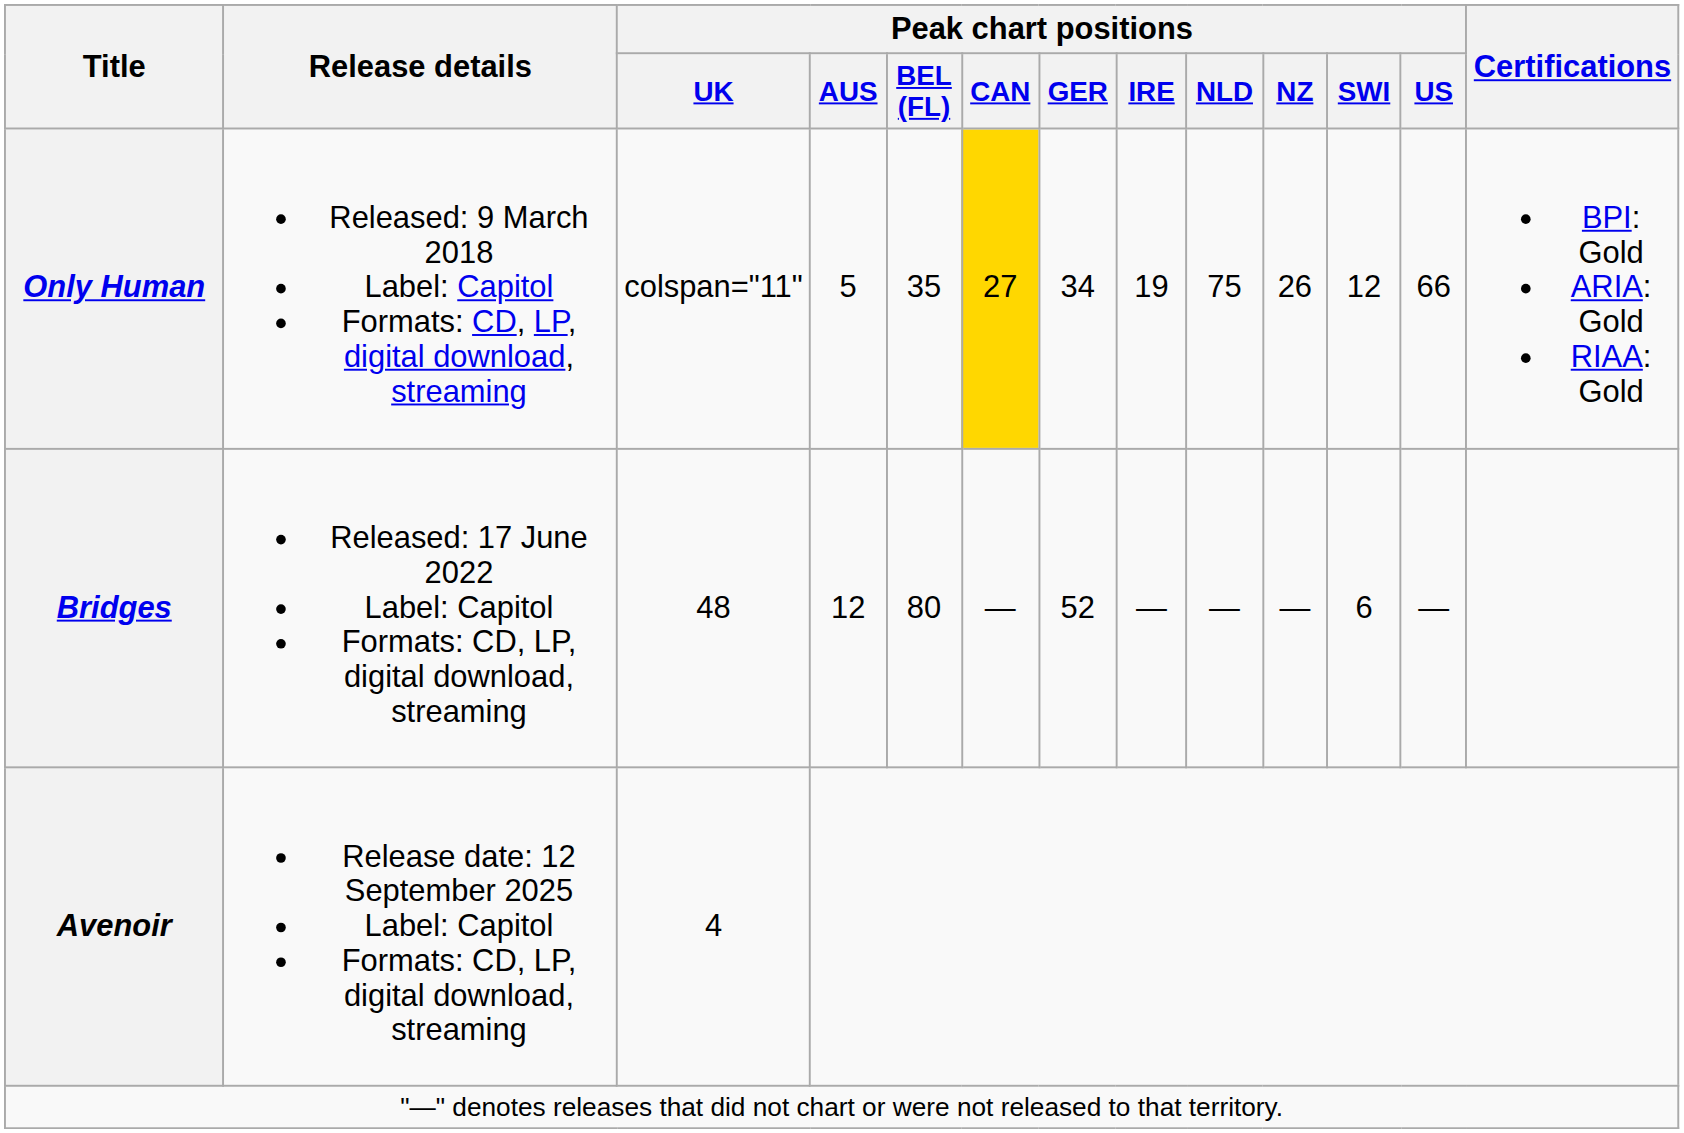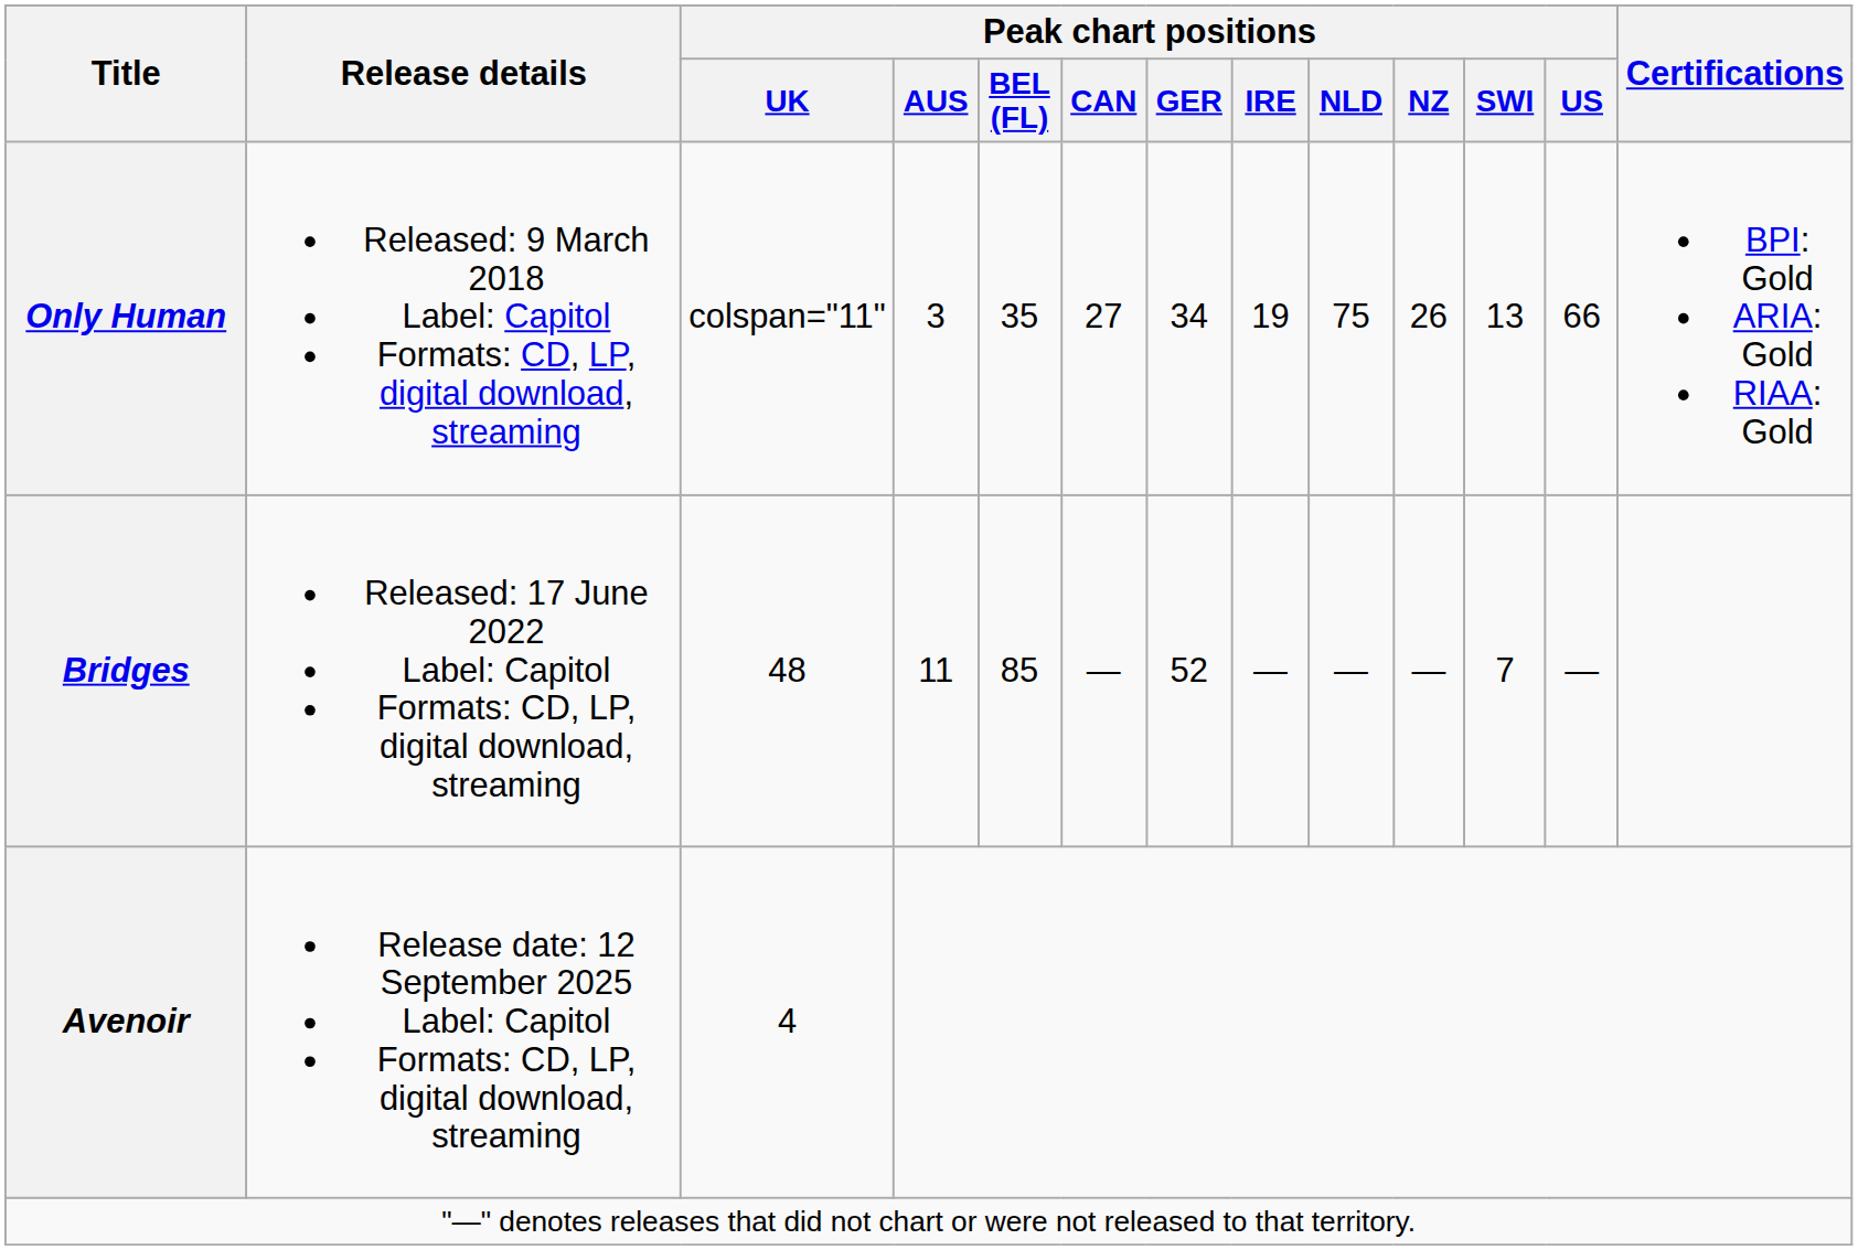 <table class="wikitable plainrowheaders" style="text-align:center;">
 <tr>
 <th scope="col" rowspan="2" style="width:10em;">Title</th>
 <th scope="col" rowspan="2" style="width:18em;">Release details</th>
 <th scope="col" colspan="10">Peak chart positions</th>
 <th rowspan="2"><a href='#'>Certifications</a></th>
 </tr>
 <tr>
 <th scope="col" style="width:2.5em;font-size:90%;"><a href='#'>UK</a><br></th>
 <th scope="col" style="width:2.5em;font-size:90%;"><a href='#'>AUS</a><br></th>
 <th scope="col" style="width:2.5em;font-size:90%;"><a href='#'>BEL<br>(FL)</a><br></th>
 <th scope="col" style="width:2.5em;font-size:90%;"><a href='#'>CAN</a><br></th>
 <th scope="col" style="width:2.5em;font-size:90%;"><a href='#'>GER</a><br></th>
 <th scope="col" style="width:2.5em;font-size:90%;"><a href='#'>IRE</a><br></th>
 <th scope="col" style="width:2.5em;font-size:90%;"><a href='#'>NLD</a><br></th>
 <th scope="col" style="width:2.5em;font-size:90%;"><a href='#'>NZ</a><br></th>
 <th scope="col" style="width:2.5em;font-size:90%;"><a href='#'>SWI</a><br></th>
 <th scope="col" style="width:2.5em;font-size:90%;"><a href='#'>US</a><br></th>
 </tr>
 <tr>
 <th scope="row"><em><a href='#'>Only Human</a></em></th>
 <td><br><ul><li>Released: 9 March 2018</li><li>Label: <a href='#'>Capitol</a></li><li>Formats: <a href='#'>CD</a>, <a href='#'>LP</a>, <a href='#'>digital download</a>, <a href='#'>streaming</a></li></ul></td>
 <td>colspan="11" </td>
-<td>5</td>
+<td>3</td>
 <td>35</td>
-<td style="background: gold;">27</td>
+<td>27</td>
 <td>34</td>
 <td>19</td>
 <td>75</td>
 <td>26</td>
-<td>12</td>
+<td>13</td>
 <td>66</td>
 <td><br><ul><li><a href='#'>BPI</a>: Gold</li><li><a href='#'>ARIA</a>: Gold</li><li><a href='#'>RIAA</a>: Gold</li></ul></td>
 </tr>
 <tr>
 <th scope="row"><em><a href='#'>Bridges</a></em></th>
 <td><br><ul><li>Released: 17 June 2022</li><li>Label: Capitol</li><li>Formats: CD, LP, digital download, streaming</li></ul></td>
 <td>48</td>
-<td>12</td>
-<td>80</td>
+<td>11</td>
+<td>85</td>
 <td>—</td>
 <td>52</td>
 <td>—</td>
 <td>—</td>
 <td>—</td>
-<td>6</td>
+<td>7</td>
 <td>—</td>
 <td></td>
 </tr>
 <tr>
 <th scope="row"><em>Avenoir</em></th>
 <td><br><ul><li>Release date: 12 September 2025</li><li>Label: Capitol</li><li>Formats: CD, LP, digital download, streaming</li></ul></td>
 <td>4</td>
 </tr>
 <tr>
 <td colspan="14" style="font-size:85%">"—" denotes releases that did not chart or were not released to that territory.</td>
 </tr>
 </table>
